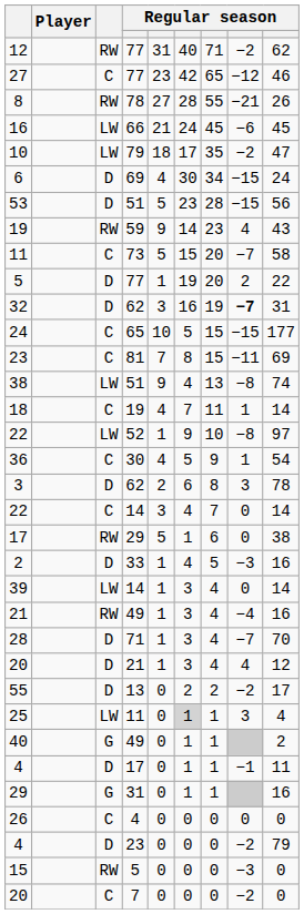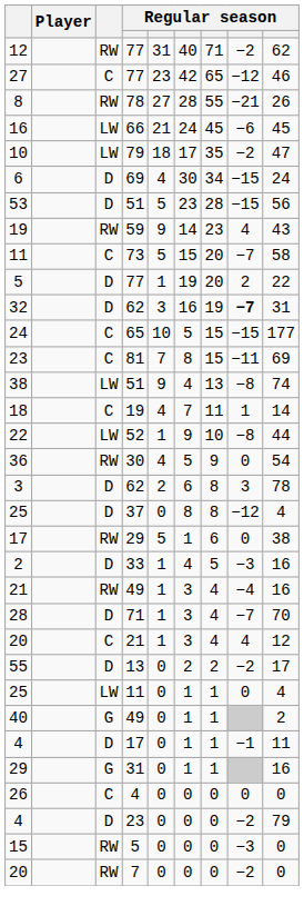 <table class="wikitable sortable plainrowheaders" style="text-align:center;">
 <tr>
 <th scope="col" data-sort-type="number" rowspan="2"></th>
 <th scope="col" rowspan="2">Player</th>
 <th scope="col" rowspan="2"></th>
 <th scope=colgroup colspan=6>Regular season</th>
 </tr>
 <tr>
 <th scope="col" data-sort-type="number"></th>
 <th scope="col" data-sort-type="number"></th>
 <th scope="col" data-sort-type="number"></th>
 <th scope="col" data-sort-type="number"></th>
 <th scope="col" data-sort-type="number"></th>
 <th scope="col" data-sort-type="number"></th>
 </tr>
 <tr>
 <td scope="row">12</td>
 <td align="left"></td>
 <td>RW</td>
 <td>77</td>
 <td>31</td>
 <td>40</td>
 <td>71</td>
 <td>−2</td>
 <td>62</td>
 </tr>
 <tr>
 <td scope="row">27</td>
 <td align="left"></td>
 <td>C</td>
 <td>77</td>
 <td>23</td>
 <td>42</td>
 <td>65</td>
 <td>−12</td>
 <td>46</td>
 </tr>
 <tr>
 <td scope="row">8</td>
 <td align="left"></td>
 <td>RW</td>
 <td>78</td>
 <td>27</td>
 <td>28</td>
 <td>55</td>
 <td>−21</td>
 <td>26</td>
 </tr>
 <tr>
 <td scope="row">16</td>
 <td align="left"></td>
 <td>LW</td>
 <td>66</td>
 <td>21</td>
 <td>24</td>
 <td>45</td>
 <td>−6</td>
 <td>45</td>
 </tr>
 <tr>
 <td scope="row">10</td>
 <td align="left"></td>
 <td>LW</td>
 <td>79</td>
 <td>18</td>
 <td>17</td>
 <td>35</td>
 <td>−2</td>
 <td>47</td>
 </tr>
 <tr>
 <td scope="row">6</td>
 <td align="left"></td>
 <td>D</td>
 <td>69</td>
 <td>4</td>
 <td>30</td>
 <td>34</td>
 <td>−15</td>
 <td>24</td>
 </tr>
 <tr>
 <td scope="row">53</td>
 <td align="left"></td>
 <td>D</td>
 <td>51</td>
 <td>5</td>
 <td>23</td>
 <td>28</td>
 <td>−15</td>
 <td>56</td>
 </tr>
 <tr>
 <td scope="row">19</td>
 <td align="left"></td>
 <td>RW</td>
 <td>59</td>
 <td>9</td>
 <td>14</td>
 <td>23</td>
 <td>4</td>
 <td>43</td>
 </tr>
 <tr>
 <td scope="row">11</td>
 <td align="left"></td>
 <td>C</td>
 <td>73</td>
 <td>5</td>
 <td>15</td>
 <td>20</td>
 <td>−7</td>
 <td>58</td>
 </tr>
 <tr>
 <td scope="row">5</td>
 <td align="left"></td>
 <td>D</td>
 <td>77</td>
 <td>1</td>
 <td>19</td>
 <td>20</td>
 <td>2</td>
 <td>22</td>
 </tr>
 <tr>
 <td scope="row">32</td>
 <td align="left"></td>
 <td>D</td>
 <td>62</td>
 <td>3</td>
 <td>16</td>
 <td>19</td>
 <td><strong>−7</strong></td>
 <td>31</td>
 </tr>
 <tr>
 <td scope="row">24</td>
 <td align="left"></td>
 <td>C</td>
 <td>65</td>
 <td>10</td>
 <td>5</td>
 <td>15</td>
 <td>−15</td>
 <td>177</td>
 </tr>
 <tr>
 <td scope="row">23</td>
 <td align="left"></td>
 <td>C</td>
 <td>81</td>
 <td>7</td>
 <td>8</td>
 <td>15</td>
 <td>−11</td>
 <td>69</td>
 </tr>
 <tr>
 <td scope="row">38</td>
 <td align="left"></td>
 <td>LW</td>
 <td>51</td>
 <td>9</td>
 <td>4</td>
 <td>13</td>
 <td>−8</td>
 <td>74</td>
 </tr>
 <tr>
 <td scope="row">18</td>
 <td align="left"></td>
 <td>C</td>
 <td>19</td>
 <td>4</td>
 <td>7</td>
 <td>11</td>
 <td>1</td>
 <td>14</td>
 </tr>
 <tr>
 <td scope="row">22</td>
 <td align="left"></td>
 <td>LW</td>
 <td>52</td>
 <td>1</td>
 <td>9</td>
 <td>10</td>
 <td>−8</td>
-<td>97</td>
+<td>44</td>
 </tr>
 <tr>
 <td scope="row">36</td>
 <td align="left"></td>
-<td>C</td>
+<td>RW</td>
 <td>30</td>
 <td>4</td>
 <td>5</td>
 <td>9</td>
-<td>1</td>
+<td>0</td>
 <td>54</td>
 </tr>
 <tr>
 <td scope="row">3</td>
 <td align="left"></td>
 <td>D</td>
 <td>62</td>
 <td>2</td>
 <td>6</td>
 <td>8</td>
 <td>3</td>
 <td>78</td>
 </tr>
 <tr>
-<td scope="row">22</td>
+<td scope="row">25</td>
 <td align="left"></td>
-<td>C</td>
-<td>14</td>
-<td>3</td>
+<td>D</td>
+<td>37</td>
+<td>0</td>
+<td>8</td>
+<td>8</td>
+<td>−12</td>
 <td>4</td>
-<td>7</td>
-<td>0</td>
-<td>14</td>
 </tr>
 <tr>
 <td scope="row">17</td>
 <td align="left"></td>
 <td>RW</td>
 <td>29</td>
 <td>5</td>
 <td>1</td>
 <td>6</td>
 <td>0</td>
 <td>38</td>
 </tr>
 <tr>
 <td scope="row">2</td>
 <td align="left"></td>
 <td>D</td>
 <td>33</td>
 <td>1</td>
 <td>4</td>
 <td>5</td>
 <td>−3</td>
 <td>16</td>
-</tr>
-<tr>
-<td scope="row">39</td>
-<td align="left"></td>
-<td>LW</td>
-<td>14</td>
-<td>1</td>
-<td>3</td>
-<td>4</td>
-<td>0</td>
-<td>14</td>
 </tr>
 <tr>
 <td scope="row">21</td>
 <td align="left"></td>
 <td>RW</td>
 <td>49</td>
 <td>1</td>
 <td>3</td>
 <td>4</td>
 <td>−4</td>
 <td>16</td>
 </tr>
 <tr>
 <td scope="row">28</td>
 <td align="left"></td>
 <td>D</td>
 <td>71</td>
 <td>1</td>
 <td>3</td>
 <td>4</td>
 <td>−7</td>
 <td>70</td>
 </tr>
 <tr>
 <td scope="row">20</td>
 <td align="left"></td>
-<td>D</td>
+<td>C</td>
 <td>21</td>
 <td>1</td>
 <td>3</td>
 <td>4</td>
 <td>4</td>
 <td>12</td>
 </tr>
 <tr>
 <td scope="row">55</td>
 <td align="left"></td>
 <td>D</td>
 <td>13</td>
 <td>0</td>
 <td>2</td>
 <td>2</td>
 <td>−2</td>
 <td>17</td>
 </tr>
 <tr>
 <td scope="row">25</td>
 <td align="left"></td>
 <td>LW</td>
 <td>11</td>
 <td>0</td>
-<td style="background: lightgrey;">1</td>
 <td>1</td>
-<td>3</td>
+<td>1</td>
+<td>0</td>
 <td>4</td>
 </tr>
 <tr>
 <td scope="row">40</td>
 <td align="left"></td>
 <td>G</td>
 <td>49</td>
 <td>0</td>
 <td>1</td>
 <td>1</td>
 <td style="background:#ccc"></td>
 <td>2</td>
 </tr>
 <tr>
 <td scope="row">4</td>
 <td align="left"></td>
 <td>D</td>
 <td>17</td>
 <td>0</td>
 <td>1</td>
 <td>1</td>
 <td>−1</td>
 <td>11</td>
 </tr>
 <tr>
 <td scope="row">29</td>
 <td align="left"></td>
 <td>G</td>
 <td>31</td>
 <td>0</td>
 <td>1</td>
 <td>1</td>
 <td style="background:#ccc"></td>
 <td>16</td>
 </tr>
 <tr>
 <td scope="row">26</td>
 <td align="left"></td>
 <td>C</td>
 <td>4</td>
 <td>0</td>
 <td>0</td>
 <td>0</td>
 <td>0</td>
 <td>0</td>
 </tr>
 <tr>
 <td scope="row">4</td>
 <td align="left"></td>
 <td>D</td>
 <td>23</td>
 <td>0</td>
 <td>0</td>
 <td>0</td>
 <td>−2</td>
 <td>79</td>
 </tr>
 <tr>
 <td scope="row">15</td>
 <td align="left"></td>
 <td>RW</td>
 <td>5</td>
 <td>0</td>
 <td>0</td>
 <td>0</td>
 <td>−3</td>
 <td>0</td>
 </tr>
 <tr>
 <td scope="row">20</td>
 <td align="left"></td>
-<td>C</td>
+<td>RW</td>
 <td>7</td>
 <td>0</td>
 <td>0</td>
 <td>0</td>
 <td>−2</td>
 <td>0</td>
 </tr>
 </table>
